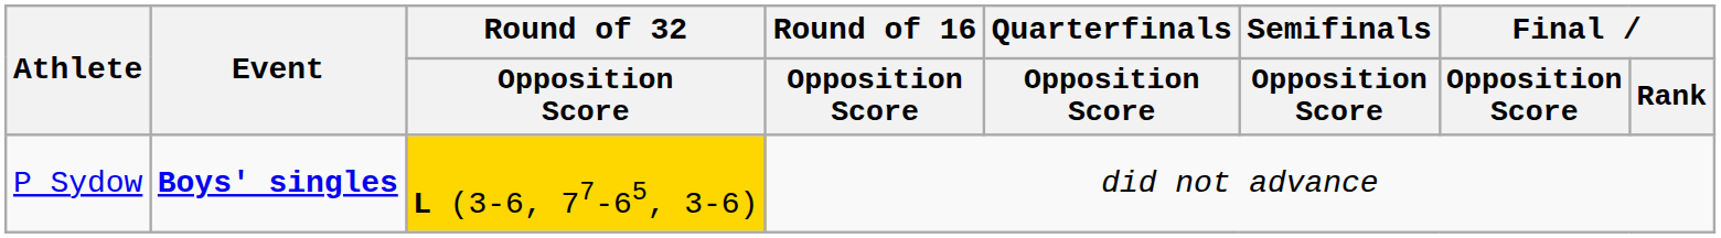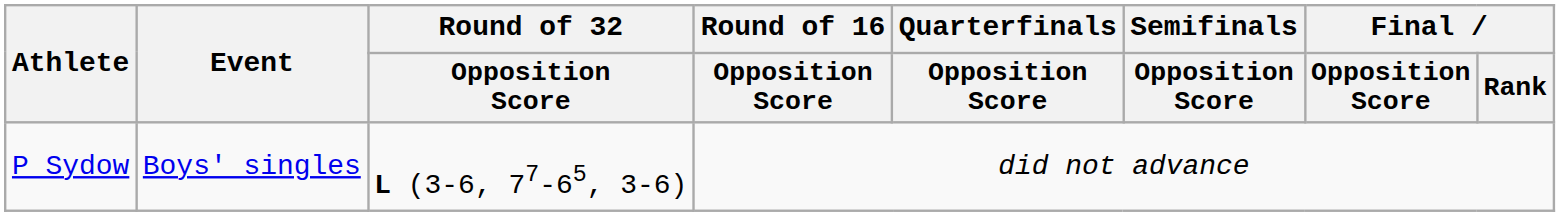 <table class=wikitable style="font-size:90%">
 <tr>
 <th rowspan=2>Athlete</th>
 <th rowspan=2>Event</th>
 <th>Round of 32</th>
 <th>Round of 16</th>
 <th>Quarterfinals</th>
 <th>Semifinals</th>
 <th colspan=2>Final / </th>
 </tr>
 <tr style="font-size:95%">
 <th>Opposition<br>Score</th>
 <th>Opposition<br>Score</th>
 <th>Opposition<br>Score</th>
 <th>Opposition<br>Score</th>
 <th>Opposition<br>Score</th>
 <th>Rank</th>
 </tr>
 <tr align=center>
 <td align=left><a href='#'>P Sydow</a></td>
-<td align=left><strong><a href='#'>Boys' singles</a></strong></td>
-<td style="background: gold;"><br> <strong>L</strong> (3-6, 7<sup>7</sup>-6<sup>5</sup>, 3-6)</td>
+<td align=left><a href='#'>Boys' singles</a></td>
+<td><br> <strong>L</strong> (3-6, 7<sup>7</sup>-6<sup>5</sup>, 3-6)</td>
 <td colspan=5><em>did not advance</em></td>
 </tr>
 </table>
